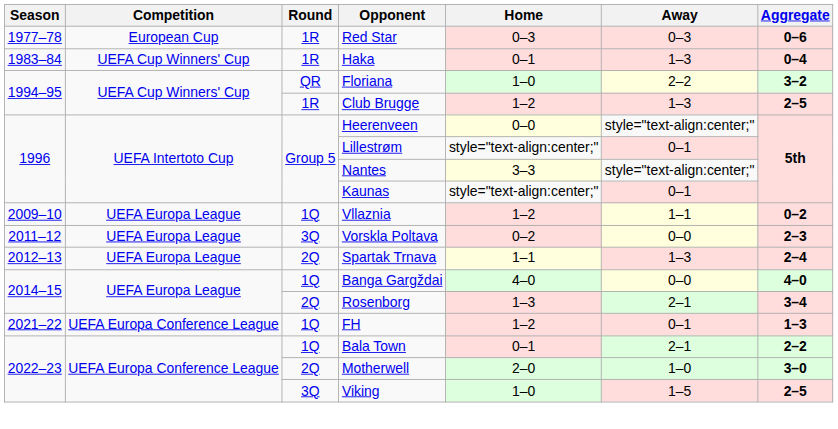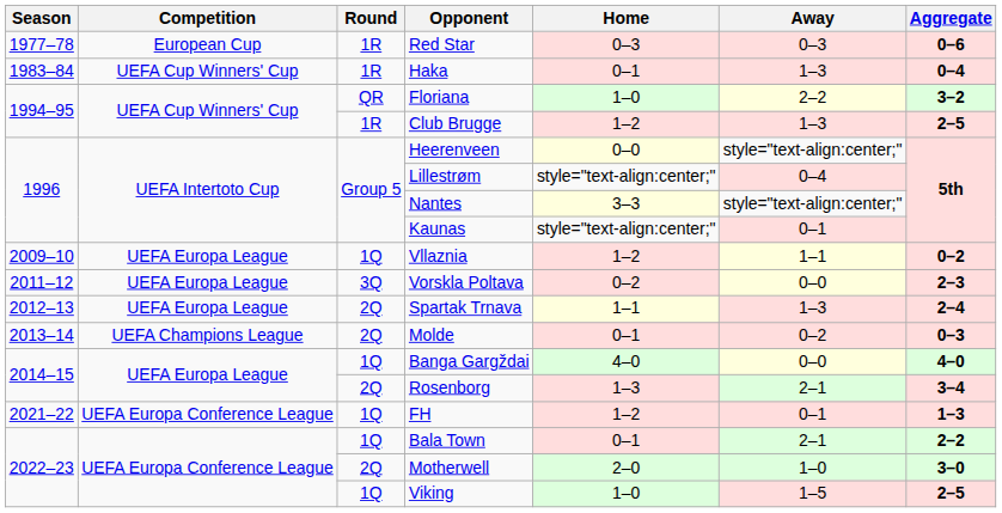 <table class="wikitable" style="font-size:100%; text-align: center;">
 <tr>
 <th>Season</th>
 <th>Competition</th>
 <th>Round</th>
 <th>Opponent</th>
 <th>Home</th>
 <th>Away</th>
 <th><a href='#'>Aggregate</a></th>
 </tr>
 <tr>
 <td><a href='#'>1977–78</a></td>
 <td><a href='#'>European Cup</a></td>
 <td><a href='#'>1R</a></td>
 <td align="left"> <a href='#'>Red Star</a></td>
 <td bgcolor="#ffdddd" style="text-align:center;">0–3</td>
 <td bgcolor="#ffdddd" style="text-align:center;">0–3</td>
 <td bgcolor="#ffdddd" style="text-align:center;"><strong>0–6</strong></td>
 </tr>
 <tr>
 <td><a href='#'>1983–84</a></td>
 <td><a href='#'>UEFA Cup Winners' Cup</a></td>
 <td><a href='#'>1R</a></td>
 <td align="left"> <a href='#'>Haka</a></td>
 <td bgcolor="#ffdddd" style="text-align:center;">0–1</td>
 <td bgcolor="#ffdddd" style="text-align:center;">1–3</td>
 <td bgcolor="#ffdddd" style="text-align:center;"><strong>0–4</strong></td>
 </tr>
 <tr>
 <td rowspan="2"><a href='#'>1994–95</a></td>
 <td rowspan="2"><a href='#'>UEFA Cup Winners' Cup</a></td>
 <td><a href='#'>QR</a></td>
 <td align="left"> <a href='#'>Floriana</a></td>
 <td bgcolor="#ddffdd" style="text-align:center;">1–0</td>
 <td bgcolor="#ffffdd" style="text-align:center;">2–2</td>
 <td bgcolor="#ddffdd" style="text-align:center;"><strong>3–2</strong></td>
 </tr>
 <tr>
 <td><a href='#'>1R</a></td>
 <td align="left"> <a href='#'>Club Brugge</a></td>
 <td bgcolor="#ffdddd" style="text-align:center;">1–2</td>
 <td bgcolor="#ffdddd" style="text-align:center;">1–3</td>
 <td bgcolor="#ffdddd" style="text-align:center;"><strong>2–5</strong></td>
 </tr>
 <tr>
 <td rowspan="4"><a href='#'>1996</a></td>
 <td rowspan="4"><a href='#'>UEFA Intertoto Cup</a></td>
 <td rowspan="4"><a href='#'>Group 5</a></td>
 <td align="left"> <a href='#'>Heerenveen</a></td>
 <td bgcolor="#ffffdd" style="text-align:center;">0–0</td>
 <td>style="text-align:center;" </td>
 <td bgcolor="#ffdddd" rowspan="4" align="center"><strong>5th</strong></td>
 </tr>
 <tr>
 <td align="left"> <a href='#'>Lillestrøm</a></td>
 <td>style="text-align:center;" </td>
-<td bgcolor="#ffdddd" style="text-align:center;">0–1</td>
+<td bgcolor="#ffdddd" style="text-align:center;">0–4</td>
 </tr>
 <tr>
 <td align="left"> <a href='#'>Nantes</a></td>
 <td bgcolor="#ffffdd" style="text-align:center;">3–3</td>
 <td>style="text-align:center;" </td>
 </tr>
 <tr>
 <td align="left"> <a href='#'>Kaunas</a></td>
 <td>style="text-align:center;" </td>
 <td bgcolor="#ffdddd" style="text-align:center;">0–1</td>
 </tr>
 <tr>
 <td><a href='#'>2009–10</a></td>
 <td><a href='#'>UEFA Europa League</a></td>
 <td><a href='#'>1Q</a></td>
 <td align="left"> <a href='#'>Vllaznia</a></td>
 <td bgcolor="#ffdddd" style="text-align:center;">1–2</td>
 <td bgcolor="#ffffdd" style="text-align:center;">1–1</td>
 <td bgcolor="#ffdddd" style="text-align:center;"><strong>0–2</strong></td>
 </tr>
 <tr>
 <td><a href='#'>2011–12</a></td>
 <td><a href='#'>UEFA Europa League</a></td>
 <td><a href='#'>3Q</a></td>
 <td align="left"> <a href='#'>Vorskla Poltava</a></td>
 <td bgcolor="#ffdddd" style="text-align:center;">0–2</td>
 <td bgcolor="#ffffdd" style="text-align:center;">0–0</td>
 <td bgcolor="#ffdddd" style="text-align:center;"><strong>2–3</strong></td>
 </tr>
 <tr>
 <td><a href='#'>2012–13</a></td>
 <td><a href='#'>UEFA Europa League</a></td>
 <td><a href='#'>2Q</a></td>
 <td align="left"> <a href='#'>Spartak Trnava</a></td>
 <td bgcolor="#ffffdd" style="text-align:center;">1–1</td>
 <td bgcolor="#ffdddd" style="text-align:center;">1–3</td>
 <td bgcolor="#ffdddd" style="text-align:center;"><strong>2–4</strong></td>
+</tr>
+<tr>
+<td><a href='#'>2013–14</a></td>
+<td><a href='#'>UEFA Champions League</a></td>
+<td><a href='#'>2Q</a></td>
+<td align="left"> <a href='#'>Molde</a></td>
+<td bgcolor="#ffdddd" style="text-align:center;">0–1</td>
+<td bgcolor="#ffdddd" style="text-align:center;">0–2</td>
+<td bgcolor="#ffdddd" style="text-align:center;"><strong>0–3</strong></td>
 </tr>
 <tr>
 <td rowspan="2"><a href='#'>2014–15</a></td>
 <td rowspan="2"><a href='#'>UEFA Europa League</a></td>
 <td><a href='#'>1Q</a></td>
 <td align="left"> <a href='#'>Banga Gargždai</a></td>
 <td bgcolor="#ddffdd" style="text-align:center;">4–0</td>
 <td bgcolor="#ffffdd" style="text-align:center;">0–0</td>
 <td bgcolor="#ddffdd" style="text-align:center;"><strong>4–0</strong></td>
 </tr>
 <tr>
 <td><a href='#'>2Q</a></td>
 <td align="left"> <a href='#'>Rosenborg</a></td>
 <td bgcolor="#ffdddd" style="text-align:center;">1–3</td>
 <td bgcolor="#ddffdd" style="text-align:center;">2–1</td>
 <td bgcolor="#ffdddd" style="text-align:center;"><strong>3–4</strong></td>
 </tr>
 <tr>
 <td><a href='#'>2021–22</a></td>
 <td><a href='#'>UEFA Europa Conference League</a></td>
 <td><a href='#'>1Q</a></td>
 <td align="left"> <a href='#'>FH</a></td>
 <td bgcolor="#ffdddd" style="text-align:center;">1–2</td>
 <td bgcolor="#ffdddd" style="text-align:center;">0–1</td>
 <td bgcolor="#ffdddd" style="text-align:center;"><strong>1–3</strong></td>
 </tr>
 <tr>
 <td rowspan=3><a href='#'>2022–23</a></td>
 <td rowspan=3><a href='#'>UEFA Europa Conference League</a></td>
 <td><a href='#'>1Q</a></td>
 <td align="left"> <a href='#'>Bala Town</a></td>
 <td bgcolor="#ffdddd" style="text-align:center;">0–1 </td>
 <td bgcolor="#ddffdd" style="text-align:center;">2–1</td>
 <td bgcolor="#ddffdd" style="text-align:center;"><strong>2–2 </strong></td>
 </tr>
 <tr>
 <td><a href='#'>2Q</a></td>
 <td align="left"> <a href='#'>Motherwell</a></td>
 <td bgcolor="#ddffdd" style="text-align:center;">2–0</td>
 <td bgcolor="#ddffdd" style="text-align:center;">1–0</td>
 <td bgcolor="#ddffdd" style="text-align:center;"><strong>3–0</strong></td>
 </tr>
 <tr>
-<td><a href='#'>3Q</a></td>
+<td><a href='#'>1Q</a></td>
 <td align="left"> <a href='#'>Viking</a></td>
 <td bgcolor="#ddffdd" style="text-align:center;">1–0</td>
 <td bgcolor="#ffdddd" style="text-align:center;">1–5</td>
 <td bgcolor="#ffdddd" style="text-align:center;"><strong>2–5</strong></td>
 </tr>
 </table>
